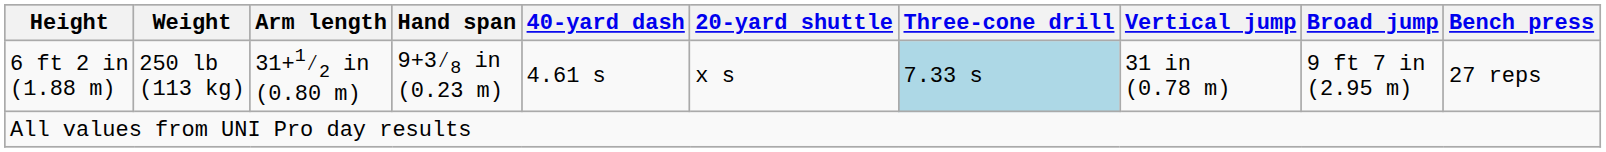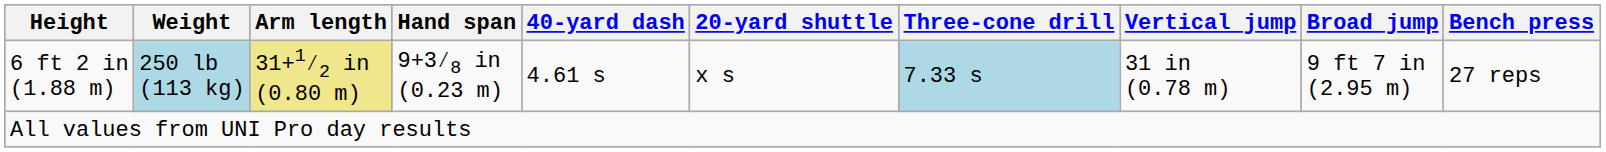 <table class="wikitable">
 <tr>
 <th>Height</th>
 <th>Weight</th>
 <th>Arm length</th>
 <th>Hand span</th>
 <th><a href='#'>40-yard dash</a></th>
 <th><a href='#'>20-yard shuttle</a></th>
 <th><a href='#'>Three-cone drill</a></th>
 <th><a href='#'>Vertical jump</a></th>
 <th><a href='#'>Broad jump</a></th>
 <th><a href='#'>Bench press</a></th>
 </tr>
 <tr>
 <td>6 ft 2 in<br>(1.88 m)</td>
-<td>250 lb<br>(113 kg)</td>
-<td>31+<sup>1</sup>⁄<sub>2</sub> in<br>(0.80 m)</td>
+<td style="background: lightblue;">250 lb<br>(113 kg)</td>
+<td style="background: khaki;">31+<sup>1</sup>⁄<sub>2</sub> in<br>(0.80 m)</td>
 <td>9+3⁄<sub>8</sub> in<br>(0.23 m)</td>
 <td>4.61 s</td>
 <td>x s</td>
 <td style="background: lightblue;">7.33 s</td>
 <td>31 in<br>(0.78 m)</td>
 <td>9 ft 7 in<br>(2.95 m)</td>
 <td>27 reps</td>
 </tr>
 <tr>
 <td colspan="13">All values from UNI Pro day results</td>
 </tr>
 </table>
